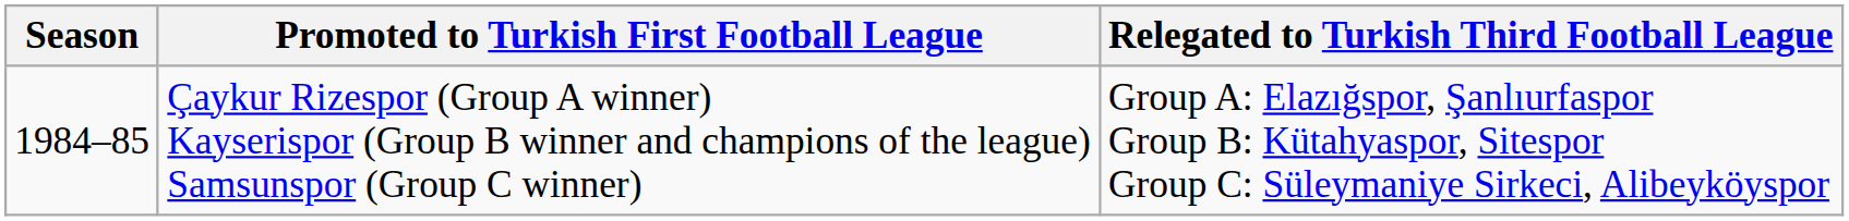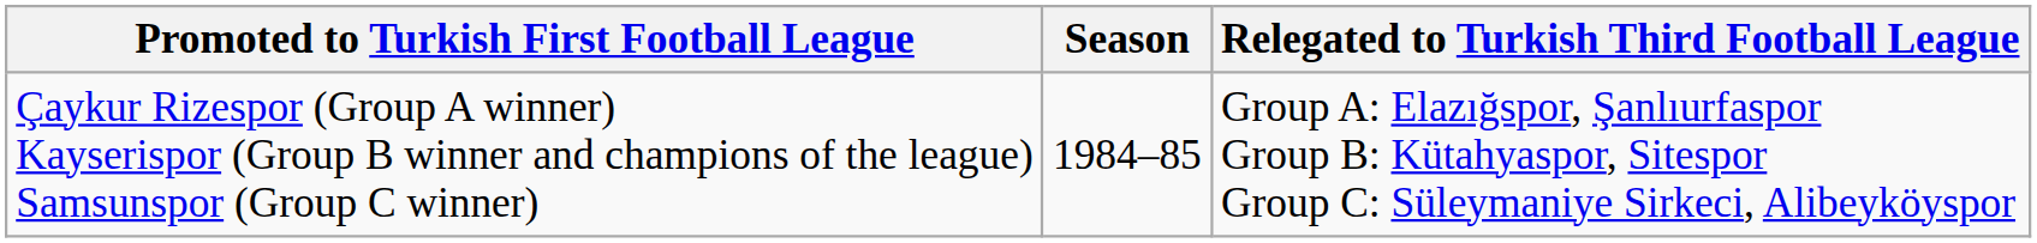 <table class="wikitable">
 <tr>
+<th>Promoted to <a href='#'>Turkish First Football League</a></th>
 <th>Season</th>
-<th>Promoted to <a href='#'>Turkish First Football League</a></th>
 <th>Relegated to <a href='#'>Turkish Third Football League</a></th>
 </tr>
 <tr>
+<td><a href='#'>Çaykur Rizespor</a> (Group A winner)<br><a href='#'>Kayserispor</a> (Group B winner and champions of the league)<br><a href='#'>Samsunspor</a> (Group C winner)</td>
 <td>1984–85</td>
-<td><a href='#'>Çaykur Rizespor</a> (Group A winner)<br><a href='#'>Kayserispor</a> (Group B winner and champions of the league)<br><a href='#'>Samsunspor</a> (Group C winner)</td>
 <td>Group A: <a href='#'>Elazığspor</a>, <a href='#'>Şanlıurfaspor</a><br>Group B: <a href='#'>Kütahyaspor</a>, <a href='#'>Sitespor</a><br>Group C: <a href='#'>Süleymaniye Sirkeci</a>, <a href='#'>Alibeyköyspor</a></td>
 </tr>
 </table>
